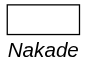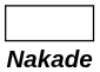 <table style="margin:1em;float: right">
 <tr>
 <td style="border: solid thin; padding: 2px"><br></td>
 </tr>
 <tr>
-<td style="text-align:center"><em>Nakade</em></td>
+<td style="text-align:center"><strong><em>Nakade</em></strong></td>
 </tr>
 </table>
